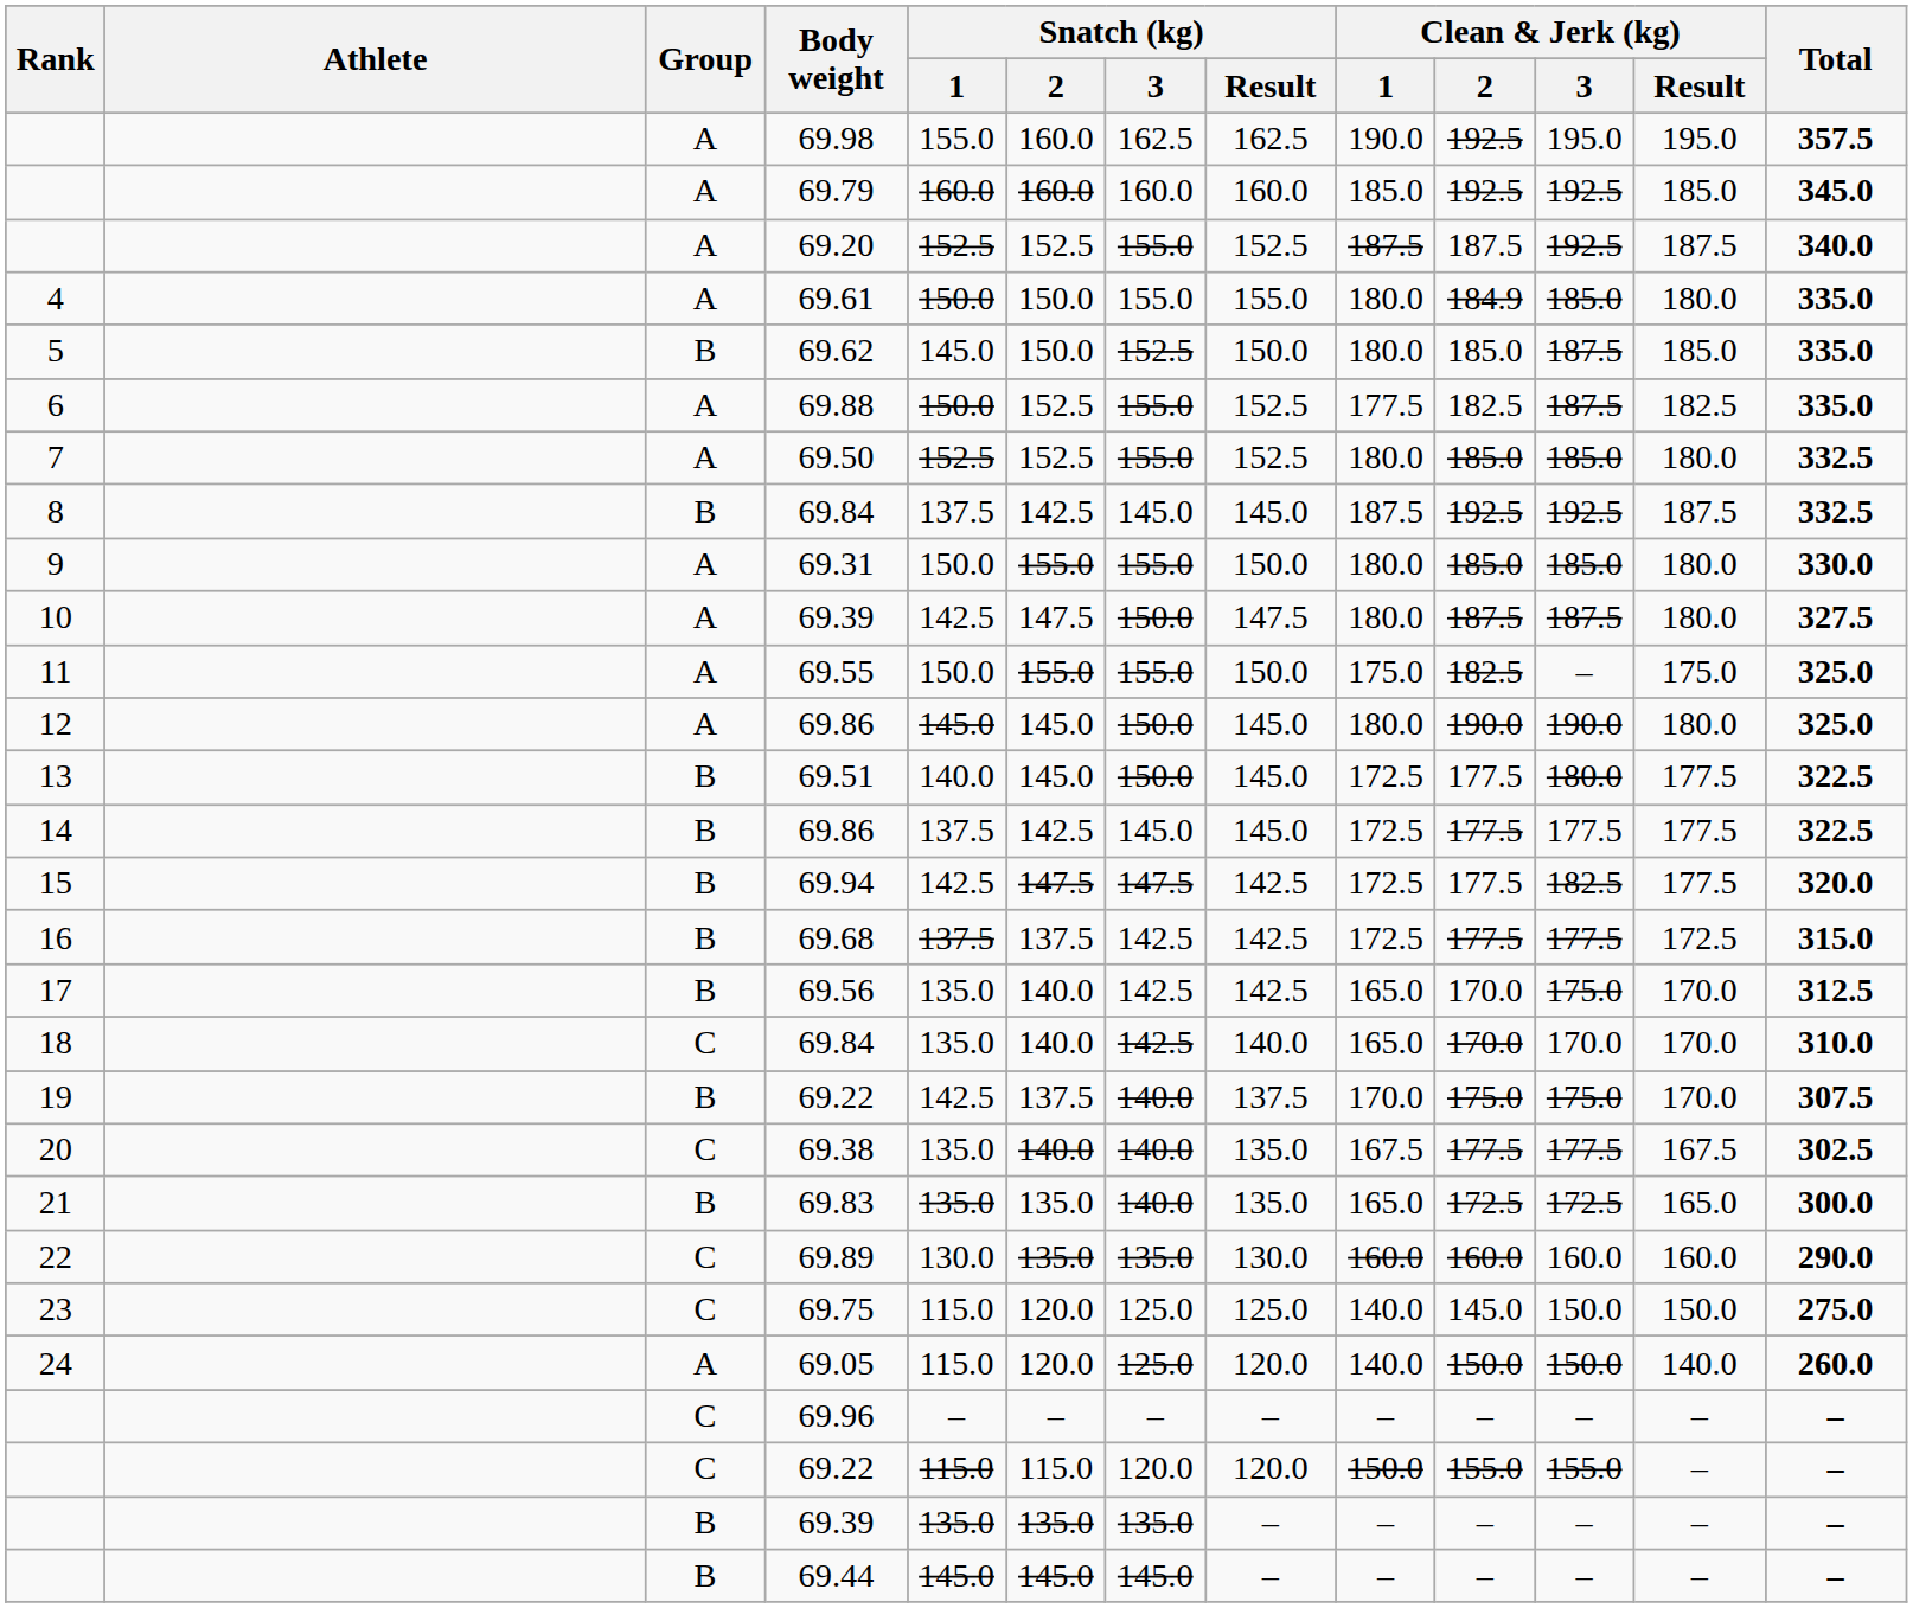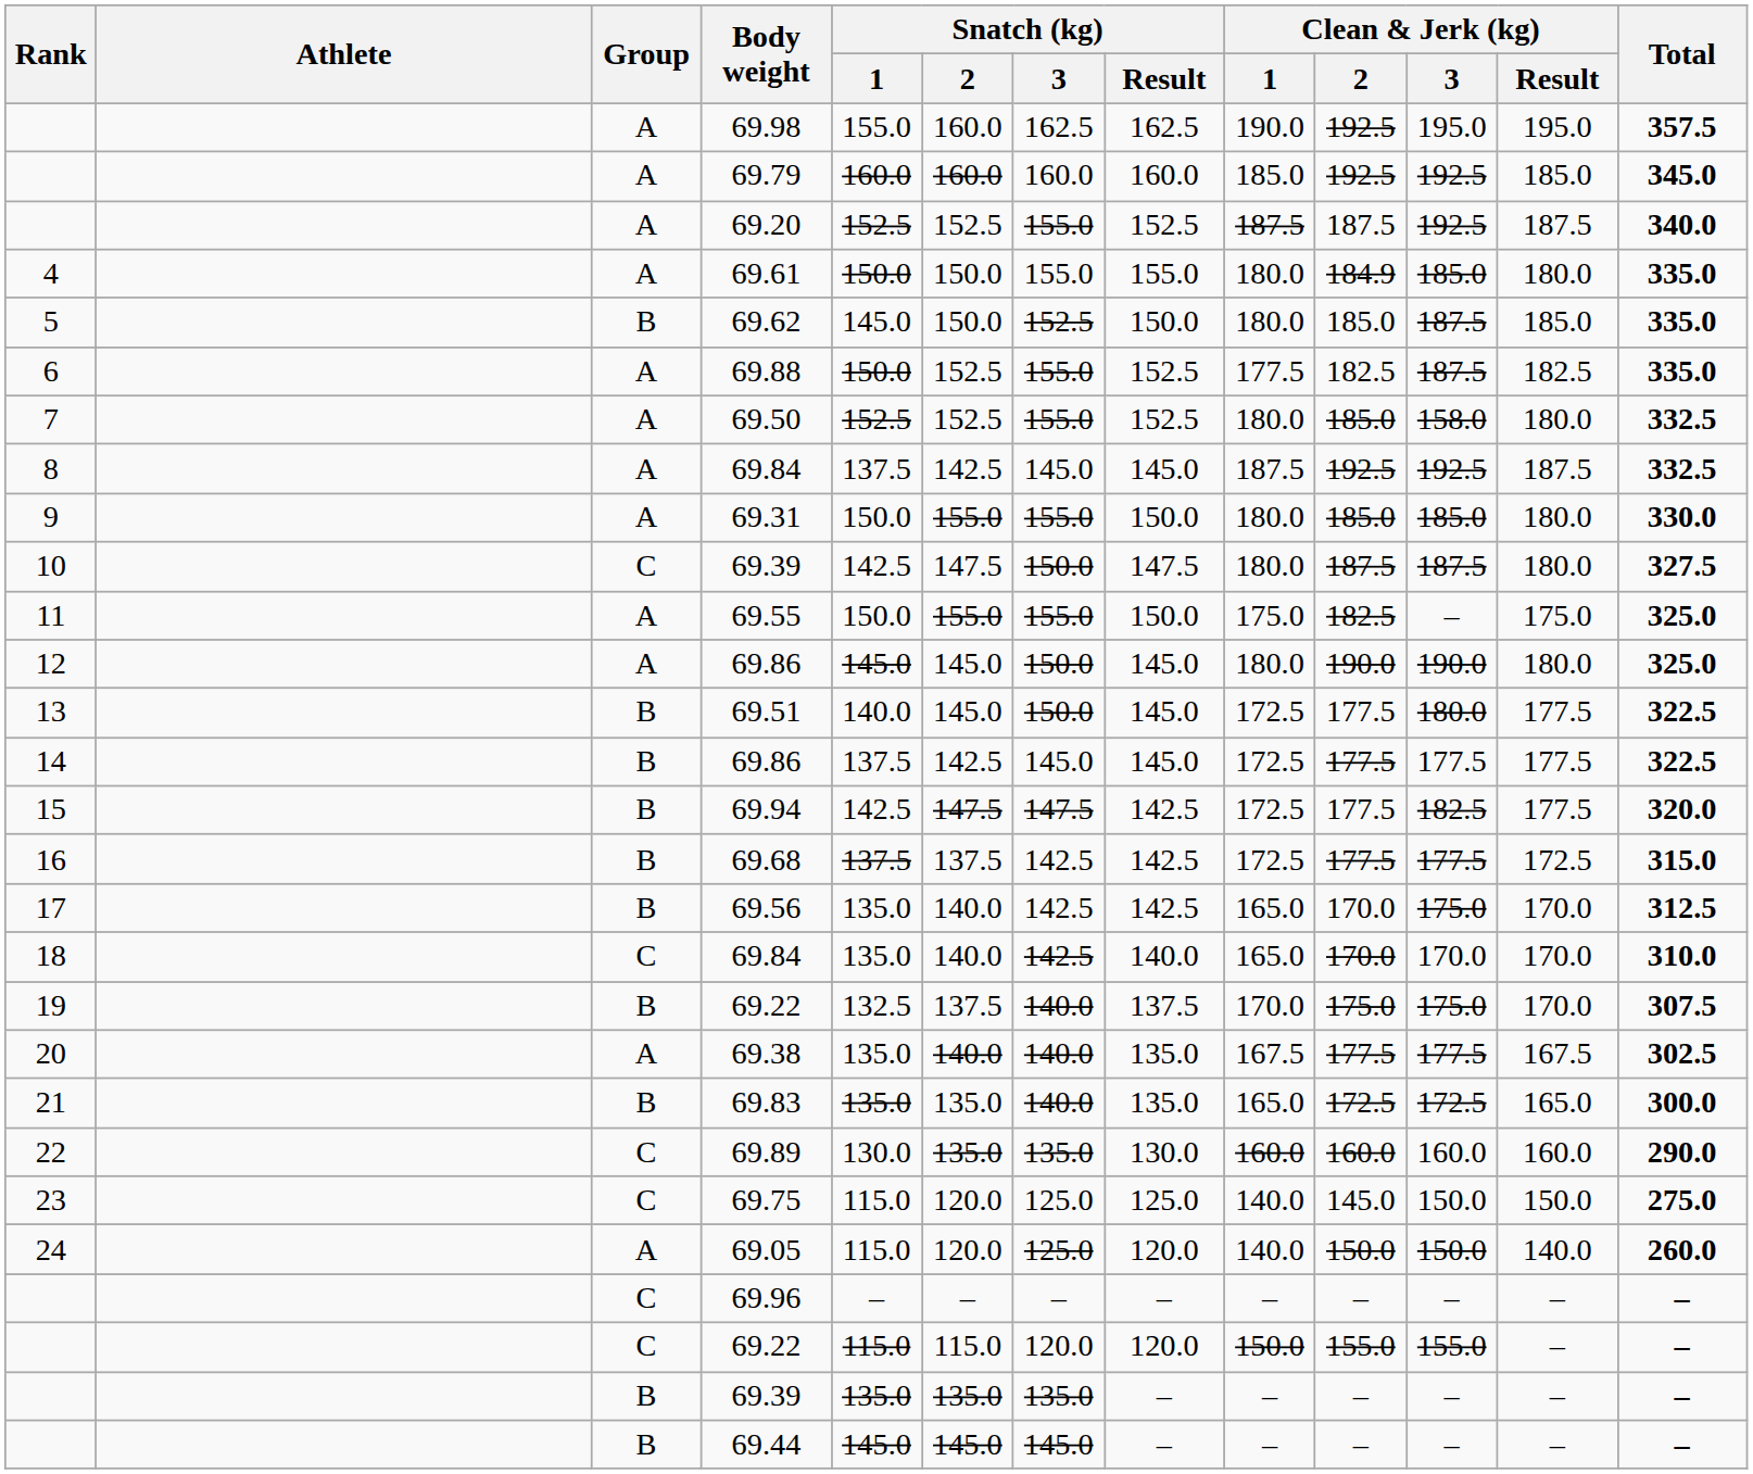 <table class="wikitable" style=" text-align:center;">
 <tr>
 <th rowspan=2 width=40>Rank</th>
 <th rowspan=2 width=250>Athlete</th>
 <th rowspan=2 width=50>Group</th>
 <th rowspan=2 width=60>Body weight</th>
 <th colspan=4>Snatch (kg)</th>
 <th colspan=4>Clean & Jerk (kg)</th>
 <th rowspan=2 width=60>Total</th>
 </tr>
 <tr>
 <th width=40>1</th>
 <th width=40>2</th>
 <th width=40>3</th>
 <th width=55>Result</th>
 <th width=40>1</th>
 <th width=40>2</th>
 <th width=40>3</th>
 <th width=55>Result</th>
 </tr>
 <tr>
 <td></td>
 <td align=left></td>
 <td>A</td>
 <td>69.98</td>
 <td>155.0</td>
 <td>160.0</td>
 <td>162.5</td>
 <td>162.5</td>
 <td>190.0</td>
 <td><s>192.5</s></td>
 <td>195.0</td>
 <td>195.0</td>
 <td><strong>357.5</strong></td>
 </tr>
 <tr>
 <td></td>
 <td align=left></td>
 <td>A</td>
 <td>69.79</td>
 <td><s>160.0</s></td>
 <td><s>160.0</s></td>
 <td>160.0</td>
 <td>160.0</td>
 <td>185.0</td>
 <td><s>192.5</s></td>
 <td><s>192.5</s></td>
 <td>185.0</td>
 <td><strong>345.0</strong></td>
 </tr>
 <tr>
 <td></td>
 <td align=left></td>
 <td>A</td>
 <td>69.20</td>
 <td><s>152.5</s></td>
 <td>152.5</td>
 <td><s>155.0</s></td>
 <td>152.5</td>
 <td><s>187.5</s></td>
 <td>187.5</td>
 <td><s>192.5</s></td>
 <td>187.5</td>
 <td><strong>340.0</strong></td>
 </tr>
 <tr>
 <td>4</td>
 <td align=left></td>
 <td>A</td>
 <td>69.61</td>
 <td><s>150.0</s></td>
 <td>150.0</td>
 <td>155.0</td>
 <td>155.0</td>
 <td>180.0</td>
 <td><s>184.9</s></td>
 <td><s>185.0</s></td>
 <td>180.0</td>
 <td><strong>335.0</strong></td>
 </tr>
 <tr>
 <td>5</td>
 <td align=left></td>
 <td>B</td>
 <td>69.62</td>
 <td>145.0</td>
 <td>150.0</td>
 <td><s>152.5</s></td>
 <td>150.0</td>
 <td>180.0</td>
 <td>185.0</td>
 <td><s>187.5</s></td>
 <td>185.0</td>
 <td><strong>335.0</strong></td>
 </tr>
 <tr>
 <td>6</td>
 <td align=left></td>
 <td>A</td>
 <td>69.88</td>
 <td><s>150.0</s></td>
 <td>152.5</td>
 <td><s>155.0</s></td>
 <td>152.5</td>
 <td>177.5</td>
 <td>182.5</td>
 <td><s>187.5</s></td>
 <td>182.5</td>
 <td><strong>335.0</strong></td>
 </tr>
 <tr>
 <td>7</td>
 <td align=left></td>
 <td>A</td>
 <td>69.50</td>
 <td><s>152.5</s></td>
 <td>152.5</td>
 <td><s>155.0</s></td>
 <td>152.5</td>
 <td>180.0</td>
 <td><s>185.0</s></td>
-<td><s>185.0</s></td>
+<td><s>158.0</s></td>
 <td>180.0</td>
 <td><strong>332.5</strong></td>
 </tr>
 <tr>
 <td>8</td>
 <td align=left></td>
-<td>B</td>
+<td>A</td>
 <td>69.84</td>
 <td>137.5</td>
 <td>142.5</td>
 <td>145.0</td>
 <td>145.0</td>
 <td>187.5</td>
 <td><s>192.5</s></td>
 <td><s>192.5</s></td>
 <td>187.5</td>
 <td><strong>332.5</strong></td>
 </tr>
 <tr>
 <td>9</td>
 <td align=left></td>
 <td>A</td>
 <td>69.31</td>
 <td>150.0</td>
 <td><s>155.0</s></td>
 <td><s>155.0</s></td>
 <td>150.0</td>
 <td>180.0</td>
 <td><s>185.0</s></td>
 <td><s>185.0</s></td>
 <td>180.0</td>
 <td><strong>330.0</strong></td>
 </tr>
 <tr>
 <td>10</td>
 <td align=left></td>
-<td>A</td>
+<td>C</td>
 <td>69.39</td>
 <td>142.5</td>
 <td>147.5</td>
 <td><s>150.0</s></td>
 <td>147.5</td>
 <td>180.0</td>
 <td><s>187.5</s></td>
 <td><s>187.5</s></td>
 <td>180.0</td>
 <td><strong>327.5</strong></td>
 </tr>
 <tr>
 <td>11</td>
 <td align=left></td>
 <td>A</td>
 <td>69.55</td>
 <td>150.0</td>
 <td><s>155.0</s></td>
 <td><s>155.0</s></td>
 <td>150.0</td>
 <td>175.0</td>
 <td><s>182.5</s></td>
 <td>–</td>
 <td>175.0</td>
 <td><strong>325.0</strong></td>
 </tr>
 <tr>
 <td>12</td>
 <td align=left></td>
 <td>A</td>
 <td>69.86</td>
 <td><s>145.0</s></td>
 <td>145.0</td>
 <td><s>150.0</s></td>
 <td>145.0</td>
 <td>180.0</td>
 <td><s>190.0</s></td>
 <td><s>190.0</s></td>
 <td>180.0</td>
 <td><strong>325.0</strong></td>
 </tr>
 <tr>
 <td>13</td>
 <td align=left></td>
 <td>B</td>
 <td>69.51</td>
 <td>140.0</td>
 <td>145.0</td>
 <td><s>150.0</s></td>
 <td>145.0</td>
 <td>172.5</td>
 <td>177.5</td>
 <td><s>180.0</s></td>
 <td>177.5</td>
 <td><strong>322.5</strong></td>
 </tr>
 <tr>
 <td>14</td>
 <td align=left></td>
 <td>B</td>
 <td>69.86</td>
 <td>137.5</td>
 <td>142.5</td>
 <td>145.0</td>
 <td>145.0</td>
 <td>172.5</td>
 <td><s>177.5</s></td>
 <td>177.5</td>
 <td>177.5</td>
 <td><strong>322.5</strong></td>
 </tr>
 <tr>
 <td>15</td>
 <td align=left></td>
 <td>B</td>
 <td>69.94</td>
 <td>142.5</td>
 <td><s>147.5</s></td>
 <td><s>147.5</s></td>
 <td>142.5</td>
 <td>172.5</td>
 <td>177.5</td>
 <td><s>182.5</s></td>
 <td>177.5</td>
 <td><strong>320.0</strong></td>
 </tr>
 <tr>
 <td>16</td>
 <td align=left></td>
 <td>B</td>
 <td>69.68</td>
 <td><s>137.5</s></td>
 <td>137.5</td>
 <td>142.5</td>
 <td>142.5</td>
 <td>172.5</td>
 <td><s>177.5</s></td>
 <td><s>177.5</s></td>
 <td>172.5</td>
 <td><strong>315.0</strong></td>
 </tr>
 <tr>
 <td>17</td>
 <td align=left></td>
 <td>B</td>
 <td>69.56</td>
 <td>135.0</td>
 <td>140.0</td>
 <td>142.5</td>
 <td>142.5</td>
 <td>165.0</td>
 <td>170.0</td>
 <td><s>175.0</s></td>
 <td>170.0</td>
 <td><strong>312.5</strong></td>
 </tr>
 <tr>
 <td>18</td>
 <td align="left"></td>
 <td>C</td>
 <td>69.84</td>
 <td>135.0</td>
 <td>140.0</td>
 <td><s>142.5</s></td>
 <td>140.0</td>
 <td>165.0</td>
 <td><s>170.0</s></td>
 <td>170.0</td>
 <td>170.0</td>
 <td><strong>310.0</strong></td>
 </tr>
 <tr>
 <td>19</td>
 <td align="left"></td>
 <td>B</td>
 <td>69.22</td>
-<td>142.5</td>
+<td>132.5</td>
 <td>137.5</td>
 <td><s>140.0</s></td>
 <td>137.5</td>
 <td>170.0</td>
 <td><s>175.0</s></td>
 <td><s>175.0</s></td>
 <td>170.0</td>
 <td><strong>307.5</strong></td>
 </tr>
 <tr>
 <td>20</td>
 <td align="left"></td>
-<td>C</td>
+<td>A</td>
 <td>69.38</td>
 <td>135.0</td>
 <td><s>140.0</s></td>
 <td><s>140.0</s></td>
 <td>135.0</td>
 <td>167.5</td>
 <td><s>177.5</s></td>
 <td><s>177.5</s></td>
 <td>167.5</td>
 <td><strong>302.5</strong></td>
 </tr>
 <tr>
 <td>21</td>
 <td align="left"></td>
 <td>B</td>
 <td>69.83</td>
 <td><s>135.0</s></td>
 <td>135.0</td>
 <td><s>140.0</s></td>
 <td>135.0</td>
 <td>165.0</td>
 <td><s>172.5</s></td>
 <td><s>172.5</s></td>
 <td>165.0</td>
 <td><strong>300.0</strong></td>
 </tr>
 <tr>
 <td>22</td>
 <td align="left"></td>
 <td>C</td>
 <td>69.89</td>
 <td>130.0</td>
 <td><s>135.0</s></td>
 <td><s>135.0</s></td>
 <td>130.0</td>
 <td><s>160.0</s></td>
 <td><s>160.0</s></td>
 <td>160.0</td>
 <td>160.0</td>
 <td><strong>290.0</strong></td>
 </tr>
 <tr>
 <td>23</td>
 <td align="left"></td>
 <td>C</td>
 <td>69.75</td>
 <td>115.0</td>
 <td>120.0</td>
 <td>125.0</td>
 <td>125.0</td>
 <td>140.0</td>
 <td>145.0</td>
 <td>150.0</td>
 <td>150.0</td>
 <td><strong>275.0</strong></td>
 </tr>
 <tr>
 <td>24</td>
 <td align="left"></td>
 <td>A</td>
 <td>69.05</td>
 <td>115.0</td>
 <td>120.0</td>
 <td><s>125.0</s></td>
 <td>120.0</td>
 <td>140.0</td>
 <td><s>150.0</s></td>
 <td><s>150.0</s></td>
 <td>140.0</td>
 <td><strong>260.0</strong></td>
 </tr>
 <tr>
 <td></td>
 <td align="left"></td>
 <td>C</td>
 <td>69.96</td>
 <td>–</td>
 <td>–</td>
 <td>–</td>
 <td>–</td>
 <td>–</td>
 <td>–</td>
 <td>–</td>
 <td>–</td>
 <td><strong>–</strong></td>
 </tr>
 <tr>
 <td></td>
 <td align="left"></td>
 <td>C</td>
 <td>69.22</td>
 <td><s>115.0</s></td>
 <td>115.0</td>
 <td>120.0</td>
 <td>120.0</td>
 <td><s>150.0</s></td>
 <td><s>155.0</s></td>
 <td><s>155.0</s></td>
 <td>–</td>
 <td><strong>–</strong></td>
 </tr>
 <tr>
 <td></td>
 <td align="left"></td>
 <td>B</td>
 <td>69.39</td>
 <td><s>135.0</s></td>
 <td><s>135.0</s></td>
 <td><s>135.0</s></td>
 <td>–</td>
 <td>–</td>
 <td>–</td>
 <td>–</td>
 <td>–</td>
 <td><strong>–</strong></td>
 </tr>
 <tr>
 <td></td>
 <td align="left"></td>
 <td>B</td>
 <td>69.44</td>
 <td><s>145.0</s></td>
 <td><s>145.0</s></td>
 <td><s>145.0</s></td>
 <td>–</td>
 <td>–</td>
 <td>–</td>
 <td>–</td>
 <td>–</td>
 <td><strong>–</strong></td>
 </tr>
 </table>
